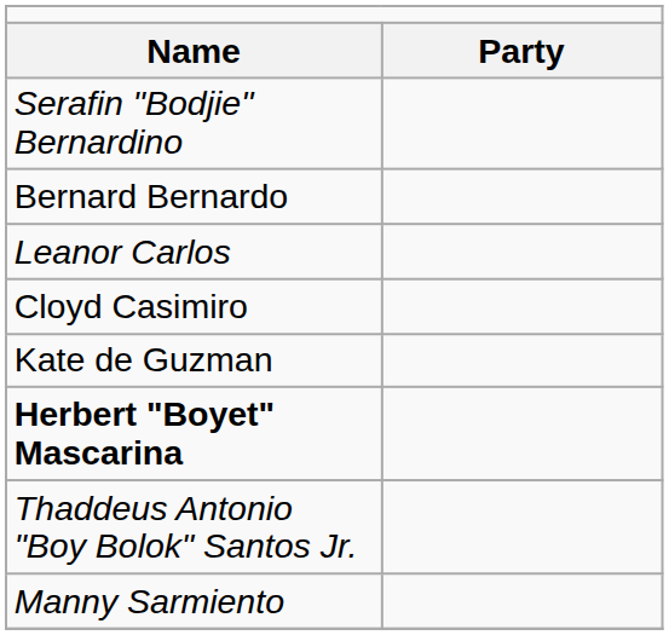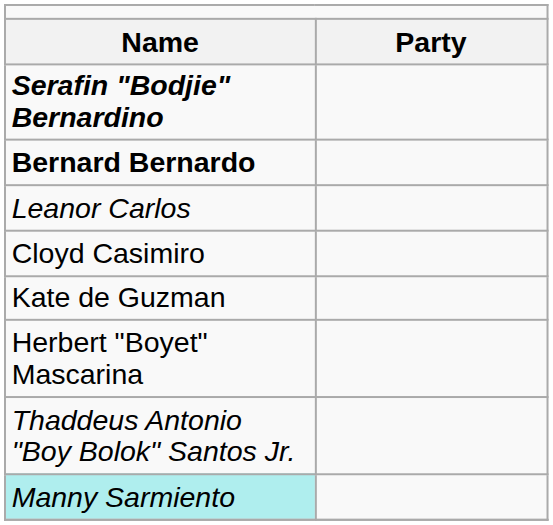 <table class=wikitable style="font-size:90%">
 <tr>
 <td colspan="4" bgcolor=></td>
 </tr>
 <tr>
 <th width=150px>Name</th>
 <th colspan="2" width=110px>Party</th>
 </tr>
 <tr>
-<td><em>Serafin "Bodjie" Bernardino</em></td>
+<td><strong><em>Serafin "Bodjie" Bernardino</em></strong></td>
 <td></td>
 </tr>
 <tr>
-<td>Bernard Bernardo</td>
+<td><strong>Bernard Bernardo</strong></td>
 <td></td>
 </tr>
 <tr>
 <td><em>Leanor Carlos</em></td>
 <td></td>
 </tr>
 <tr>
 <td>Cloyd Casimiro</td>
 <td></td>
 </tr>
 <tr>
 <td>Kate de Guzman</td>
 <td></td>
 </tr>
 <tr>
-<td><strong>Herbert "Boyet" Mascarina</strong></td>
+<td>Herbert "Boyet" Mascarina</td>
 <td></td>
 </tr>
 <tr>
 <td><em>Thaddeus Antonio "Boy Bolok" Santos Jr.</em></td>
 <td></td>
 </tr>
 <tr>
-<td><em>Manny Sarmiento</em></td>
+<td style="background: paleturquoise;"><em>Manny Sarmiento</em></td>
 <td></td>
 </tr>
 <tr>
 </tr>
 </table>
